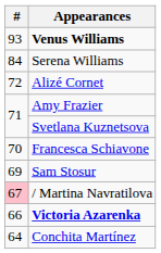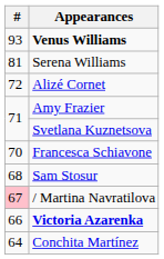 <table class="wikitable" style="display:inline-table;">
 <tr>
 <th width=20>#</th>
 <th>Appearances</th>
 </tr>
 <tr>
 <td>93</td>
 <td> <strong>Venus Williams</strong></td>
 </tr>
 <tr>
-<td>84</td>
+<td>81</td>
 <td> Serena Williams</td>
 </tr>
 <tr>
 <td>72</td>
 <td> <a href='#'>Alizé Cornet</a></td>
 </tr>
 <tr>
 <td rowspan=2>71</td>
 <td> <a href='#'>Amy Frazier</a></td>
 </tr>
 <tr>
 <td> <a href='#'>Svetlana Kuznetsova</a></td>
 </tr>
 <tr>
 <td>70</td>
 <td> <a href='#'>Francesca Schiavone</a></td>
 </tr>
 <tr>
-<td>69</td>
+<td>68</td>
 <td> <a href='#'>Sam Stosur</a></td>
 </tr>
 <tr>
 <td style="background: pink;">67</td>
 <td>/ Martina Navratilova</td>
 </tr>
 <tr>
 <td>66</td>
 <td> <strong><a href='#'>Victoria Azarenka</a></strong></td>
 </tr>
 <tr>
 <td>64</td>
 <td> <a href='#'>Conchita Martínez</a></td>
 </tr>
 </table>
